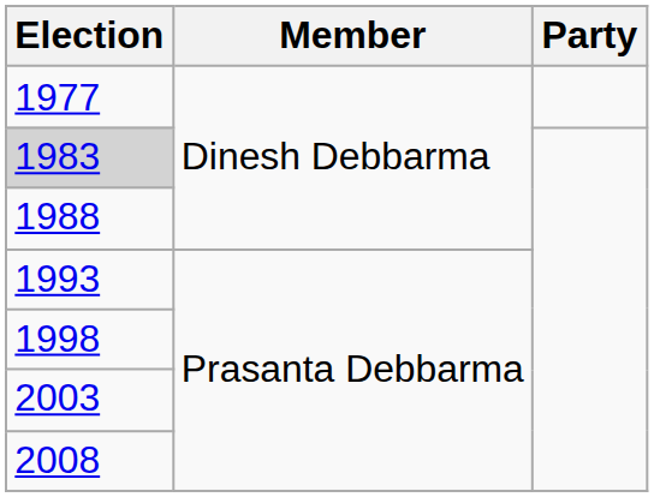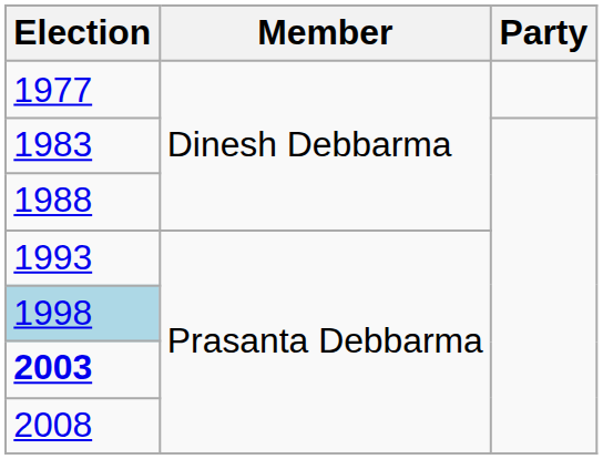 <table class="wikitable sortable">
 <tr>
 <th>Election</th>
 <th>Member</th>
 <th colspan=2>Party</th>
 </tr>
 <tr>
 <td><a href='#'>1977</a></td>
 <td rowspan=3>Dinesh Debbarma</td>
 <td></td>
 </tr>
 <tr>
-<td style="background: lightgrey;"><a href='#'>1983</a></td>
+<td><a href='#'>1983</a></td>
 </tr>
 <tr>
 <td><a href='#'>1988</a></td>
 </tr>
 <tr>
 <td><a href='#'>1993</a></td>
 <td rowspan=4>Prasanta Debbarma</td>
 </tr>
 <tr>
-<td><a href='#'>1998</a></td>
+<td style="background: lightblue;"><a href='#'>1998</a></td>
 </tr>
 <tr>
-<td><a href='#'>2003</a></td>
+<td><strong><a href='#'>2003</a></strong></td>
 </tr>
 <tr>
 <td><a href='#'>2008</a></td>
 </tr>
 </table>
